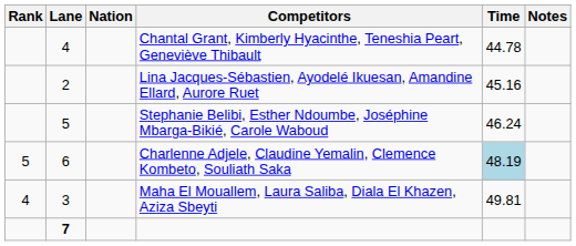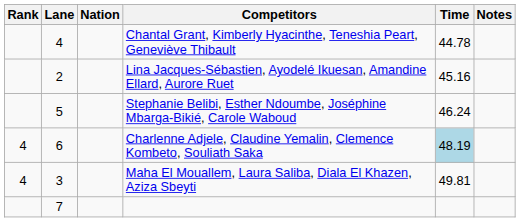 <table class="wikitable sortable" style="text-align:center; font-size:95%">
 <tr>
 <th>Rank</th>
 <th>Lane</th>
 <th>Nation</th>
 <th>Competitors</th>
 <th>Time</th>
 <th>Notes</th>
 </tr>
 <tr>
 <td></td>
 <td>4</td>
 <td align=left></td>
 <td align=left><a href='#'>Chantal Grant</a>, <a href='#'>Kimberly Hyacinthe</a>, <a href='#'>Teneshia Peart</a>, <a href='#'>Geneviève Thibault</a></td>
 <td>44.78</td>
 <td></td>
 </tr>
 <tr>
 <td></td>
 <td>2</td>
 <td align=left></td>
 <td align=left><a href='#'>Lina Jacques-Sébastien</a>, <a href='#'>Ayodelé Ikuesan</a>, <a href='#'>Amandine Ellard</a>, <a href='#'>Aurore Ruet</a></td>
 <td>45.16</td>
 <td></td>
 </tr>
 <tr>
 <td></td>
 <td>5</td>
 <td align=left></td>
 <td align=left><a href='#'>Stephanie Belibi</a>, <a href='#'>Esther Ndoumbe</a>, <a href='#'>Joséphine Mbarga-Bikié</a>, <a href='#'>Carole Waboud</a></td>
 <td>46.24</td>
 <td></td>
 </tr>
 <tr>
-<td>5</td>
+<td>4</td>
 <td>6</td>
 <td align=left></td>
 <td align=left><a href='#'>Charlenne Adjele</a>, <a href='#'>Claudine Yemalin</a>, <a href='#'>Clemence Kombeto</a>, <a href='#'>Souliath Saka</a></td>
 <td style="background: lightblue;">48.19</td>
 <td></td>
 </tr>
 <tr>
 <td>4</td>
 <td>3</td>
 <td align=left></td>
 <td align=left><a href='#'>Maha El Mouallem</a>, <a href='#'>Laura Saliba</a>, <a href='#'>Diala El Khazen</a>, <a href='#'>Aziza Sbeyti</a></td>
 <td>49.81</td>
 <td></td>
 </tr>
 <tr>
 <td></td>
-<td><strong>7</strong></td>
+<td>7</td>
 <td align=left></td>
 <td align=left></td>
 <td></td>
 <td></td>
 </tr>
 </table>
